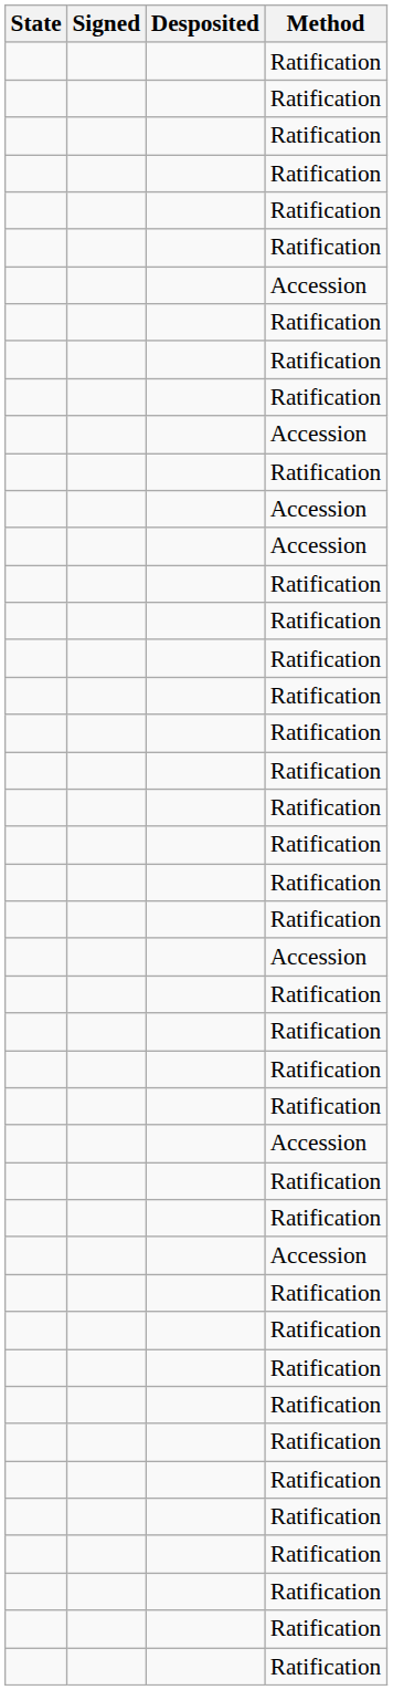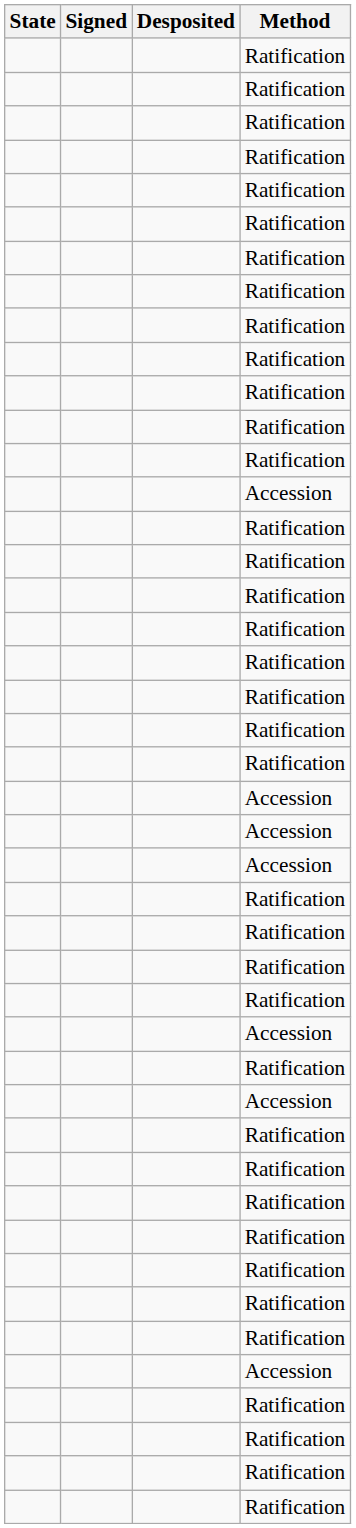 <table class="wikitable sortable">
 <tr>
 <th>State</th>
 <th>Signed</th>
 <th>Desposited</th>
 <th>Method</th>
 </tr>
 <tr>
 <td></td>
 <td></td>
 <td></td>
 <td>Ratification</td>
 </tr>
 <tr>
 <td></td>
 <td></td>
 <td></td>
 <td>Ratification</td>
 </tr>
 <tr>
 <td></td>
 <td></td>
 <td></td>
 <td>Ratification</td>
-</tr>
-<tr>
-<td></td>
-<td></td>
-<td></td>
-<td>Ratification</td>
-</tr>
-<tr>
-<td></td>
-<td></td>
-<td></td>
-<td>Ratification</td>
-</tr>
-<tr>
-<td></td>
-<td></td>
-<td></td>
-<td>Ratification</td>
-</tr>
-<tr>
-<td></td>
-<td></td>
-<td></td>
-<td>Accession</td>
-</tr>
-<tr>
-<td></td>
-<td></td>
-<td></td>
-<td>Ratification</td>
-</tr>
-<tr>
-<td></td>
-<td></td>
-<td></td>
-<td>Ratification</td>
-</tr>
-<tr>
-<td></td>
-<td></td>
-<td></td>
-<td>Ratification</td>
-</tr>
-<tr>
-<td></td>
-<td></td>
-<td></td>
-<td>Accession</td>
-</tr>
-<tr>
-<td></td>
-<td></td>
-<td></td>
-<td>Ratification</td>
-</tr>
-<tr>
-<td></td>
-<td></td>
-<td></td>
-<td>Accession</td>
-</tr>
-<tr>
-<td></td>
-<td></td>
-<td></td>
-<td>Accession</td>
 </tr>
 <tr>
 <td></td>
 <td></td>
 <td></td>
 <td>Ratification</td>
 </tr>
 <tr>
 <td></td>
 <td></td>
 <td></td>
 <td>Ratification</td>
 </tr>
 <tr>
 <td></td>
 <td></td>
 <td></td>
 <td>Ratification</td>
 </tr>
 <tr>
 <td></td>
 <td></td>
 <td></td>
 <td>Ratification</td>
 </tr>
 <tr>
 <td></td>
 <td></td>
 <td></td>
 <td>Ratification</td>
 </tr>
 <tr>
 <td></td>
 <td></td>
 <td></td>
 <td>Ratification</td>
 </tr>
 <tr>
 <td></td>
 <td></td>
 <td></td>
 <td>Ratification</td>
 </tr>
 <tr>
 <td></td>
 <td></td>
 <td></td>
 <td>Ratification</td>
 </tr>
 <tr>
 <td></td>
 <td></td>
 <td></td>
 <td>Ratification</td>
 </tr>
 <tr>
 <td></td>
 <td></td>
 <td></td>
 <td>Ratification</td>
 </tr>
 <tr>
 <td></td>
 <td></td>
 <td></td>
 <td>Accession</td>
 </tr>
 <tr>
 <td></td>
 <td></td>
 <td></td>
 <td>Ratification</td>
 </tr>
 <tr>
 <td></td>
 <td></td>
 <td></td>
 <td>Ratification</td>
 </tr>
 <tr>
 <td></td>
 <td></td>
 <td></td>
 <td>Ratification</td>
 </tr>
 <tr>
 <td></td>
 <td></td>
 <td></td>
 <td>Ratification</td>
 </tr>
 <tr>
 <td></td>
 <td></td>
 <td></td>
+<td>Ratification</td>
+</tr>
+<tr>
+<td></td>
+<td></td>
+<td></td>
+<td>Ratification</td>
+</tr>
+<tr>
+<td></td>
+<td></td>
+<td></td>
+<td>Ratification</td>
+</tr>
+<tr>
+<td></td>
+<td></td>
+<td></td>
+<td>Ratification</td>
+</tr>
+<tr>
+<td></td>
+<td></td>
+<td></td>
+<td>Accession</td>
+</tr>
+<tr>
+<td></td>
+<td></td>
+<td></td>
+<td>Accession</td>
+</tr>
+<tr>
+<td></td>
+<td></td>
+<td></td>
 <td>Accession</td>
 </tr>
 <tr>
 <td></td>
 <td></td>
 <td></td>
 <td>Ratification</td>
+</tr>
+<tr>
+<td></td>
+<td></td>
+<td></td>
+<td>Ratification</td>
+</tr>
+<tr>
+<td></td>
+<td></td>
+<td></td>
+<td>Ratification</td>
+</tr>
+<tr>
+<td></td>
+<td></td>
+<td></td>
+<td>Ratification</td>
+</tr>
+<tr>
+<td></td>
+<td></td>
+<td></td>
+<td>Accession</td>
 </tr>
 <tr>
 <td></td>
 <td></td>
 <td></td>
 <td>Ratification</td>
 </tr>
 <tr>
 <td></td>
 <td></td>
 <td></td>
 <td>Accession</td>
 </tr>
 <tr>
 <td></td>
 <td></td>
 <td></td>
 <td>Ratification</td>
 </tr>
 <tr>
 <td></td>
 <td></td>
 <td></td>
 <td>Ratification</td>
 </tr>
 <tr>
 <td></td>
 <td></td>
 <td></td>
 <td>Ratification</td>
 </tr>
 <tr>
 <td></td>
 <td></td>
 <td></td>
 <td>Ratification</td>
 </tr>
 <tr>
 <td></td>
 <td></td>
 <td></td>
 <td>Ratification</td>
 </tr>
 <tr>
 <td></td>
 <td></td>
 <td></td>
 <td>Ratification</td>
 </tr>
 <tr>
 <td></td>
 <td></td>
 <td></td>
 <td>Ratification</td>
 </tr>
 <tr>
 <td></td>
 <td></td>
 <td></td>
+<td>Accession</td>
+</tr>
+<tr>
+<td></td>
+<td></td>
+<td></td>
 <td>Ratification</td>
 </tr>
 <tr>
 <td></td>
 <td></td>
 <td></td>
 <td>Ratification</td>
 </tr>
 <tr>
 <td></td>
 <td></td>
 <td></td>
 <td>Ratification</td>
 </tr>
 <tr>
 <td></td>
 <td></td>
 <td></td>
 <td>Ratification</td>
 </tr>
 </table>
